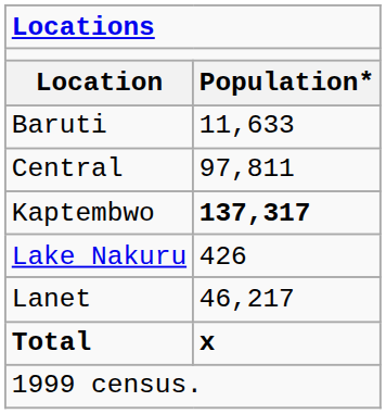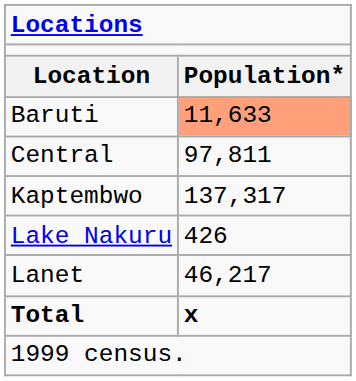 <table class="wikitable">
 <tr>
 <td colspan="2"><strong><a href='#'>Locations</a></strong></td>
 </tr>
 <tr>
 <td colspan="2"></td>
 </tr>
 <tr>
 <th>Location</th>
 <th>Population*</th>
 </tr>
 <tr>
 <td>Baruti</td>
-<td>11,633</td>
+<td style="background: lightsalmon;">11,633</td>
 </tr>
 <tr>
 <td>Central</td>
 <td>97,811</td>
 </tr>
 <tr>
 <td>Kaptembwo</td>
-<td><strong>137,317</strong></td>
+<td>137,317</td>
 </tr>
 <tr>
 <td><a href='#'>Lake Nakuru</a></td>
 <td>426</td>
 </tr>
 <tr>
 <td>Lanet</td>
 <td>46,217</td>
 </tr>
 <tr>
 <td><strong>Total</strong></td>
 <td><strong>x</strong></td>
 </tr>
 <tr>
 <td colspan="2">1999 census.</td>
 </tr>
 </table>
